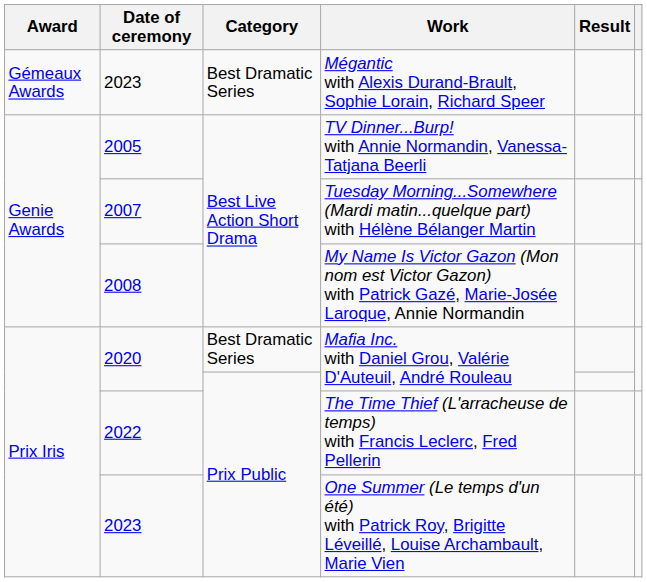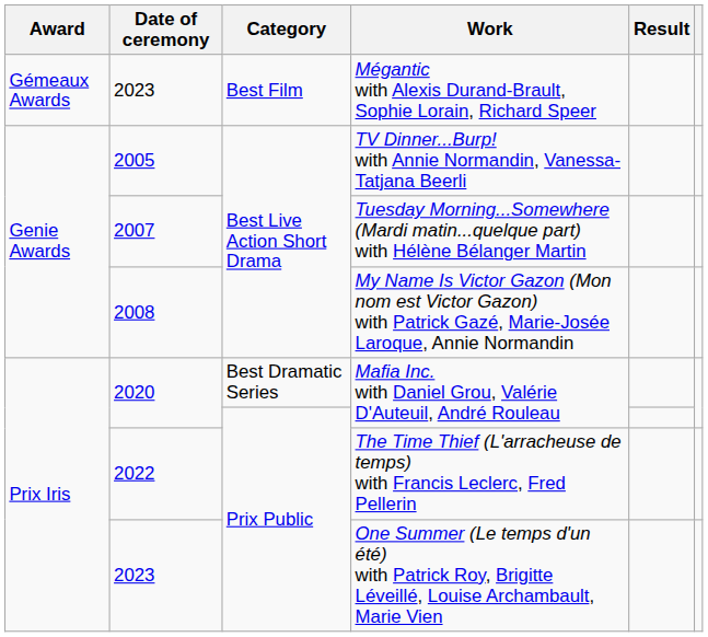 <table class="wikitable plainrowheaders sortable">
 <tr>
 <th scope="col">Award</th>
 <th scope="col">Date of ceremony</th>
 <th scope="col">Category</th>
 <th scope="col">Work</th>
 <th scope="col">Result</th>
 <th scope="col" class="unsortable"></th>
 </tr>
 <tr>
 <td><a href='#'>Gémeaux Awards</a></td>
 <td>2023</td>
-<td>Best Dramatic Series</td>
+<td><a href='#'>Best Film</a></td>
 <td><em><a href='#'>Mégantic</a></em><br>with <a href='#'>Alexis Durand-Brault</a>, <a href='#'>Sophie Lorain</a>, <a href='#'>Richard Speer</a></td>
 <td></td>
 <td></td>
 </tr>
 <tr>
 <td rowspan=3><a href='#'>Genie Awards</a></td>
 <td><a href='#'>2005</a></td>
 <td rowspan=3><a href='#'>Best Live Action Short Drama</a></td>
 <td><em><a href='#'>TV Dinner...Burp!</a></em><br>with <a href='#'>Annie Normandin</a>, <a href='#'>Vanessa-Tatjana Beerli</a></td>
 <td></td>
 <td></td>
 </tr>
 <tr>
 <td><a href='#'>2007</a></td>
 <td><em><a href='#'>Tuesday Morning...Somewhere</a> (Mardi matin...quelque part)</em><br>with <a href='#'>Hélène Bélanger Martin</a></td>
 <td></td>
 <td></td>
 </tr>
 <tr>
 <td><a href='#'>2008</a></td>
 <td><em><a href='#'>My Name Is Victor Gazon</a> (Mon nom est Victor Gazon)</em><br>with <a href='#'>Patrick Gazé</a>, <a href='#'>Marie-Josée Laroque</a>, Annie Normandin</td>
 <td></td>
 <td></td>
 </tr>
 <tr>
 <td rowspan=4><a href='#'>Prix Iris</a></td>
 <td rowspan=2><a href='#'>2020</a></td>
 <td>Best Dramatic Series</td>
 <td rowspan=2><em><a href='#'>Mafia Inc.</a></em> <br>with <a href='#'>Daniel Grou</a>, <a href='#'>Valérie D'Auteuil</a>, <a href='#'>André Rouleau</a></td>
 <td></td>
 <td rowspan=2></td>
 </tr>
 <tr>
 <td rowspan=3><a href='#'>Prix Public</a></td>
 <td></td>
 </tr>
 <tr>
 <td><a href='#'>2022</a></td>
 <td><em><a href='#'>The Time Thief</a> (L'arracheuse de temps)</em><br>with <a href='#'>Francis Leclerc</a>, <a href='#'>Fred Pellerin</a></td>
 <td></td>
 <td></td>
 </tr>
 <tr>
 <td><a href='#'>2023</a></td>
 <td><em><a href='#'>One Summer</a> (Le temps d'un été)</em><br>with <a href='#'>Patrick Roy</a>, <a href='#'>Brigitte Léveillé</a>, <a href='#'>Louise Archambault</a>, <a href='#'>Marie Vien</a></td>
 <td></td>
 <td></td>
 </tr>
 </table>
